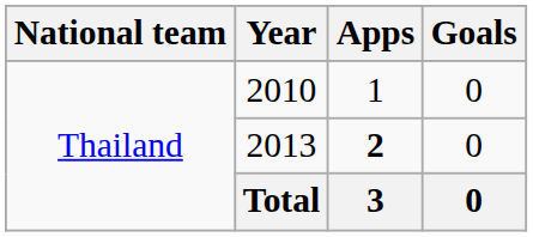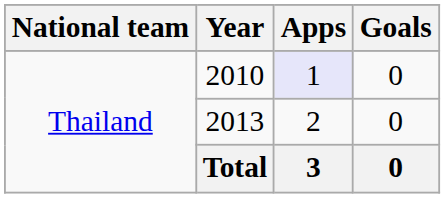 <table class="wikitable" style="text-align:center">
 <tr>
 <th>National team</th>
 <th>Year</th>
 <th>Apps</th>
 <th>Goals</th>
 </tr>
 <tr>
 <td rowspan="3" valign="center"><a href='#'>Thailand</a></td>
 <td>2010</td>
-<td>1</td>
+<td style="background: lavender;">1</td>
 <td>0</td>
 </tr>
 <tr>
 <td>2013</td>
-<td><strong>2</strong></td>
+<td>2</td>
 <td>0</td>
 </tr>
 <tr>
 <th>Total</th>
 <th>3</th>
 <th>0</th>
 </tr>
 </table>
